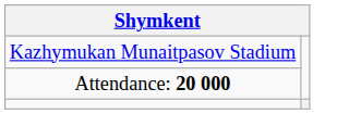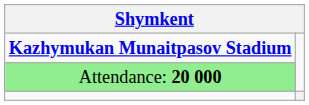 <table class="wikitable" style="text-align:center;">
 <tr>
 <th colspan="4" align="center"><a href='#'>Shymkent</a></th>
 </tr>
 <tr>
-<td><a href='#'>Kazhymukan Munaitpasov Stadium</a></td>
+<td><strong><a href='#'>Kazhymukan Munaitpasov Stadium</a></strong></td>
 </tr>
 <tr>
-<td>Attendance: <strong>20 000</strong></td>
+<td style="background: lightgreen;">Attendance: <strong>20 000</strong></td>
 </tr>
 <tr>
 <td></td>
 <th rowspan=8 colspan=2></th>
 </tr>
 </table>
